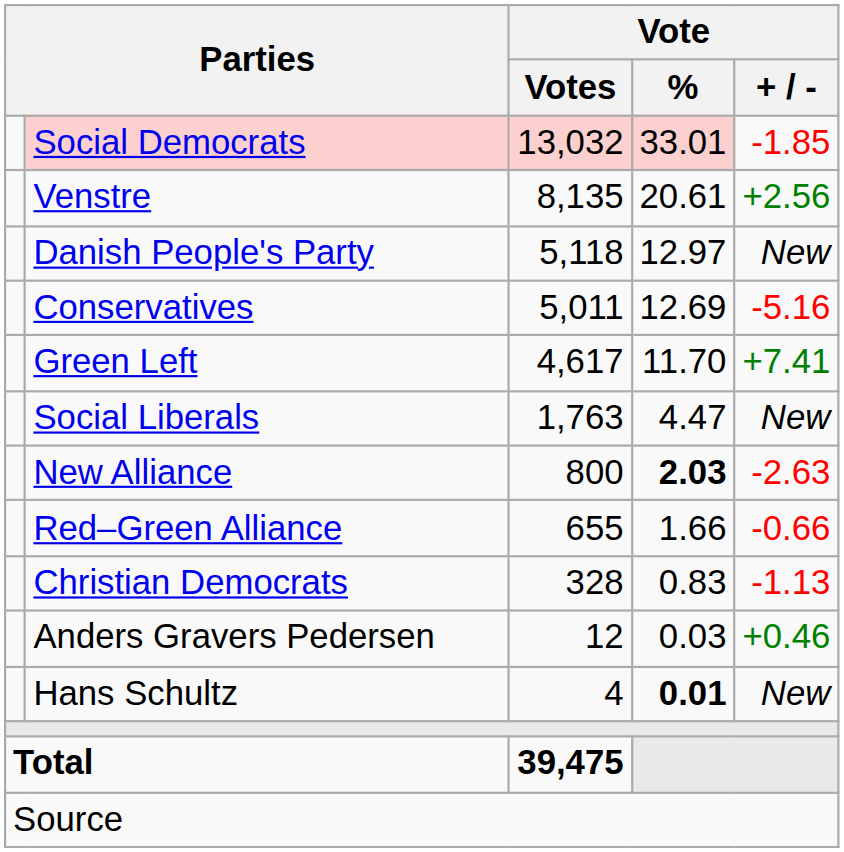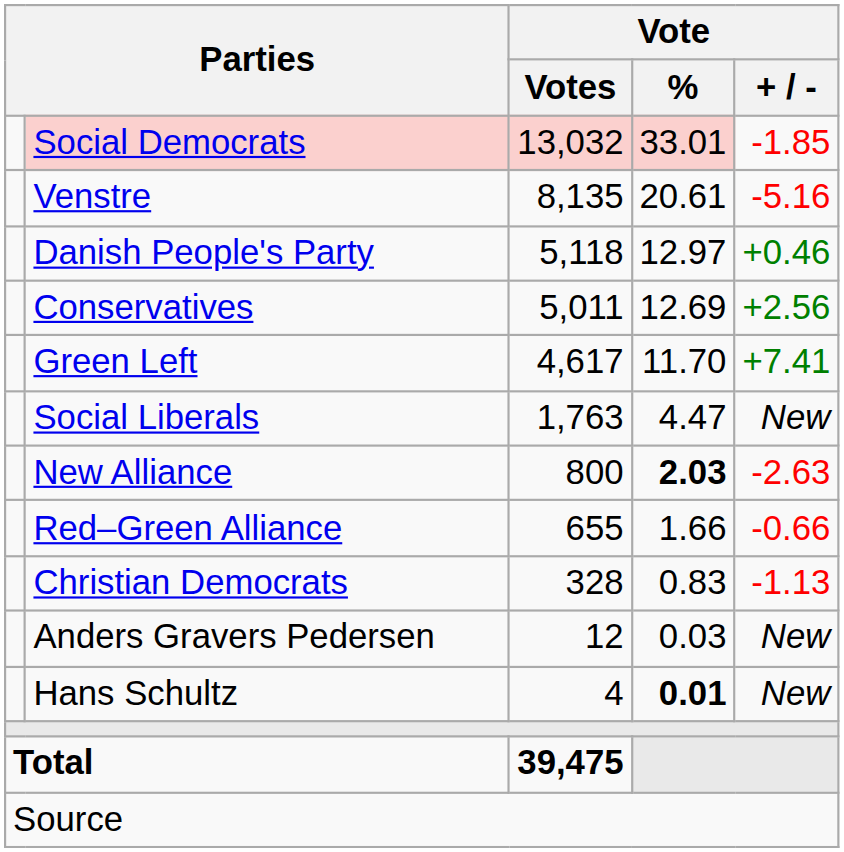 <table class="wikitable" style="text-align:right;">
 <tr>
 <th style="text-align:centre;" rowspan="2" colspan="2" width="225">Parties</th>
 <th colspan="3">Vote</th>
 </tr>
 <tr>
 <th width="15">Votes</th>
 <th width="15">%</th>
 <th width="15">+ / -</th>
 </tr>
 <tr>
 <td width="2" style="color:inherit;background:"></td>
 <td bgcolor=#fbd0ce  align="left"><a href='#'>Social Democrats</a></td>
 <td bgcolor=#fbd0ce>13,032</td>
 <td bgcolor=#fbd0ce>33.01</td>
 <td style=color:red;>-1.85</td>
 </tr>
 <tr>
 <td width="2" style="color:inherit;background:"></td>
 <td align="left"><a href='#'>Venstre</a></td>
 <td>8,135</td>
 <td>20.61</td>
-<td style=color:green;>+2.56</td>
+<td style=color:red;>-5.16</td>
 </tr>
 <tr>
 <td width="2" style="color:inherit;background:"></td>
 <td align="left"><a href='#'>Danish People's Party</a></td>
 <td>5,118</td>
 <td>12.97</td>
-<td><em>New</em></td>
+<td style=color:green;>+0.46</td>
 </tr>
 <tr>
 <td width="2" style="color:inherit;background:"></td>
 <td align="left"><a href='#'>Conservatives</a></td>
 <td>5,011</td>
 <td>12.69</td>
-<td style=color:red;>-5.16</td>
+<td style=color:green;>+2.56</td>
 </tr>
 <tr>
 <td width="2" style="color:inherit;background:"></td>
 <td align="left"><a href='#'>Green Left</a></td>
 <td>4,617</td>
 <td>11.70</td>
 <td style=color:green;>+7.41</td>
 </tr>
 <tr>
 <td width="2" style="color:inherit;background:"></td>
 <td align="left"><a href='#'>Social Liberals</a></td>
 <td>1,763</td>
 <td>4.47</td>
 <td><em>New</em></td>
 </tr>
 <tr>
 <td width="2" style="color:inherit;background:"></td>
 <td align="left"><a href='#'>New Alliance</a></td>
 <td>800</td>
 <td><strong>2.03</strong></td>
 <td style=color:red;>-2.63</td>
 </tr>
 <tr>
 <td width="2" style="color:inherit;background:"></td>
 <td align="left"><a href='#'>Red–Green Alliance</a></td>
 <td>655</td>
 <td>1.66</td>
 <td style=color:red;>-0.66</td>
 </tr>
 <tr>
 <td width="2" style="color:inherit;background:"></td>
 <td align="left"><a href='#'>Christian Democrats</a></td>
 <td>328</td>
 <td>0.83</td>
 <td style=color:red;>-1.13</td>
 </tr>
 <tr>
 <td width="2" style="color:inherit;background:"></td>
 <td align="left">Anders Gravers Pedersen</td>
 <td>12</td>
 <td>0.03</td>
-<td style=color:green;>+0.46</td>
+<td><em>New</em></td>
 </tr>
 <tr>
 <td width="2" style="color:inherit;background:"></td>
 <td align="left">Hans Schultz</td>
 <td>4</td>
 <td><strong>0.01</strong></td>
 <td><em>New</em></td>
 </tr>
 <tr>
 <td colspan="7" bgcolor="#E9E9E9"></td>
 </tr>
 <tr>
 <td align="left" colspan="2"><strong>Total</strong></td>
 <td><strong>39,475</strong></td>
 <td bgcolor="#E9E9E9" colspan="2"></td>
 </tr>
 <tr>
 <td align="left" colspan="6">Source</td>
 </tr>
 </table>
